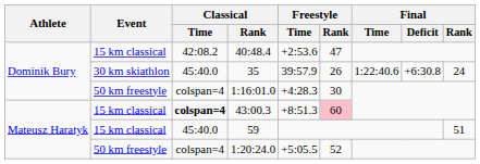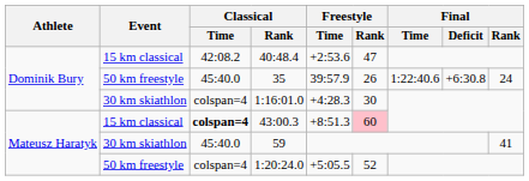 <table class="wikitable" style="font-size:90%; text-align:center">
 <tr>
 <th rowspan=2>Athlete</th>
 <th rowspan=2>Event</th>
 <th colspan=2>Classical</th>
 <th colspan=2>Freestyle</th>
 <th colspan=3>Final</th>
 </tr>
 <tr style="font-size: 95%">
 <th>Time</th>
 <th>Rank</th>
 <th>Time</th>
 <th>Rank</th>
 <th>Time</th>
 <th>Deficit</th>
 <th>Rank</th>
 </tr>
 <tr>
 <td align=left rowspan=3><a href='#'>Dominik Bury</a></td>
 <td align=left><a href='#'>15 km classical</a></td>
 <td>42:08.2</td>
 <td>40:48.4</td>
 <td>+2:53.6</td>
 <td>47</td>
 </tr>
 <tr>
-<td align=left><a href='#'>30 km skiathlon</a></td>
+<td align=left><a href='#'>50 km freestyle</a></td>
 <td>45:40.0</td>
 <td>35</td>
 <td>39:57.9</td>
 <td>26</td>
 <td>1:22:40.6</td>
 <td>+6:30.8</td>
 <td>24</td>
 </tr>
 <tr>
-<td align=left><a href='#'>50 km freestyle</a></td>
+<td align=left><a href='#'>30 km skiathlon</a></td>
 <td>colspan=4 </td>
 <td>1:16:01.0</td>
 <td>+4:28.3</td>
 <td>30</td>
 </tr>
 <tr>
 <td rowspan=3 align=left><a href='#'>Mateusz Haratyk</a></td>
 <td align=left><a href='#'>15 km classical</a></td>
 <td><strong>colspan=4 </strong></td>
 <td>43:00.3</td>
 <td>+8:51.3</td>
 <td style="background: pink;">60</td>
 </tr>
 <tr>
-<td align=left><a href='#'>15 km classical</a></td>
+<td align=left><a href='#'>30 km skiathlon</a></td>
 <td>45:40.0</td>
 <td>59</td>
 <td colspan=4></td>
-<td>51</td>
+<td>41</td>
 </tr>
 <tr>
 <td align=left><a href='#'>50 km freestyle</a></td>
 <td>colspan=4 </td>
 <td>1:20:24.0</td>
 <td>+5:05.5</td>
 <td>52</td>
 </tr>
 </table>
